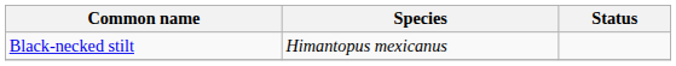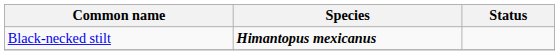 <table width=70% class="wikitable">
 <tr>
 <th width=20%>Common name</th>
 <th width=20%>Species</th>
 <th width=8%>Status</th>
 </tr>
 <tr>
 <td><a href='#'>Black-necked stilt</a></td>
-<td><em>Himantopus mexicanus</em></td>
+<td><strong><em>Himantopus mexicanus</em></strong></td>
 <td align=center></td>
 </tr>
 <tr>
 </tr>
 </table>
